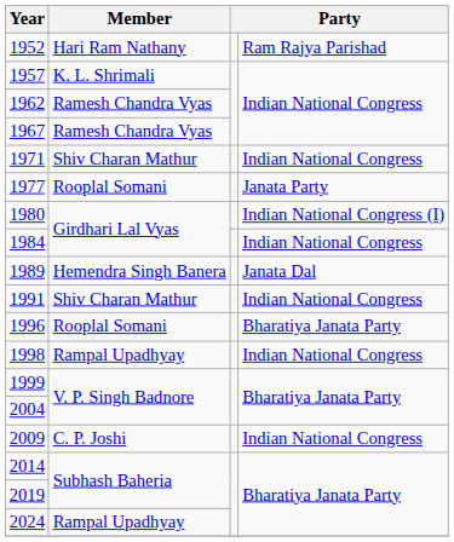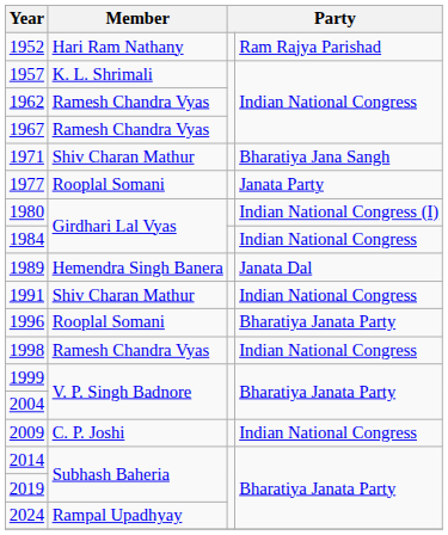 <table class="wikitable">
 <tr>
 <th>Year</th>
 <th>Member</th>
 <th colspan="2">Party</th>
 </tr>
 <tr>
 <td><a href='#'>1952</a></td>
 <td><a href='#'>Hari Ram Nathany</a></td>
 <td style="background-color: "></td>
 <td><a href='#'>Ram Rajya Parishad</a></td>
 </tr>
 <tr>
 <td><a href='#'>1957</a></td>
 <td><a href='#'>K. L. Shrimali</a></td>
 <td rowspan="3" style="background-color: "></td>
 <td rowspan="3"><a href='#'>Indian National Congress</a></td>
 </tr>
 <tr>
 <td><a href='#'>1962</a></td>
 <td><a href='#'>Ramesh Chandra Vyas</a></td>
 </tr>
 <tr>
 <td><a href='#'>1967</a></td>
 <td><a href='#'>Ramesh Chandra Vyas</a></td>
 </tr>
 <tr>
 <td><a href='#'>1971</a></td>
 <td><a href='#'>Shiv Charan Mathur</a></td>
 <td style="background-color: "></td>
-<td><a href='#'>Indian National Congress</a></td>
+<td><a href='#'>Bharatiya Jana Sangh</a></td>
 </tr>
 <tr>
 <td><a href='#'>1977</a></td>
 <td><a href='#'>Rooplal Somani</a></td>
 <td style="background-color: "></td>
 <td><a href='#'>Janata Party</a></td>
 </tr>
 <tr>
 <td><a href='#'>1980</a></td>
 <td rowspan="2"><a href='#'>Girdhari Lal Vyas</a></td>
 <td style="background-color: "></td>
 <td><a href='#'>Indian National Congress (I)</a></td>
 </tr>
 <tr>
 <td><a href='#'>1984</a></td>
 <td style="background-color: "></td>
 <td><a href='#'>Indian National Congress</a></td>
 </tr>
 <tr>
 <td><a href='#'>1989</a></td>
 <td><a href='#'>Hemendra Singh Banera</a></td>
 <td style="background-color: "></td>
 <td><a href='#'>Janata Dal</a></td>
 </tr>
 <tr>
 <td><a href='#'>1991</a></td>
 <td><a href='#'>Shiv Charan Mathur</a></td>
 <td style="background-color: "></td>
 <td><a href='#'>Indian National Congress</a></td>
 </tr>
 <tr>
 <td><a href='#'>1996</a></td>
 <td><a href='#'>Rooplal Somani</a></td>
 <td style="background-color: "></td>
 <td><a href='#'>Bharatiya Janata Party</a></td>
 </tr>
 <tr>
 <td><a href='#'>1998</a></td>
-<td><a href='#'>Rampal Upadhyay</a></td>
+<td><a href='#'>Ramesh Chandra Vyas</a></td>
 <td style="background-color: "></td>
 <td><a href='#'>Indian National Congress</a></td>
 </tr>
 <tr>
 <td><a href='#'>1999</a></td>
 <td rowspan="2"><a href='#'>V. P. Singh Badnore</a></td>
 <td rowspan="2" style="background-color: "></td>
 <td rowspan="2"><a href='#'>Bharatiya Janata Party</a></td>
 </tr>
 <tr>
 <td><a href='#'>2004</a></td>
 </tr>
 <tr>
 <td><a href='#'>2009</a></td>
 <td><a href='#'>C. P. Joshi</a></td>
 <td style="background-color: "></td>
 <td><a href='#'>Indian National Congress</a></td>
 </tr>
 <tr>
 <td><a href='#'>2014</a></td>
 <td rowspan="2"><a href='#'>Subhash Baheria</a></td>
 <td rowspan="3" style="background-color: "></td>
 <td rowspan="3"><a href='#'>Bharatiya Janata Party</a></td>
 </tr>
 <tr>
 <td><a href='#'>2019</a></td>
 </tr>
 <tr>
 <td><a href='#'>2024</a></td>
 <td><a href='#'>Rampal Upadhyay</a></td>
 </tr>
 <tr>
 </tr>
 </table>
